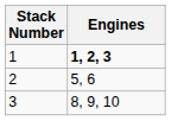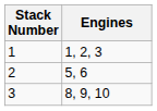 <table class="wikitable">
 <tr>
 <th scope="col" style="width: 40px;">Stack Number</th>
 <th scope="col" style="width: 100px;">Engines</th>
 </tr>
 <tr>
 <td>1</td>
-<td><strong>1, 2, 3</strong></td>
+<td>1, 2, 3</td>
 </tr>
 <tr>
 <td>2</td>
 <td>5, 6</td>
 </tr>
 <tr>
 <td>3</td>
 <td>8, 9, 10</td>
 </tr>
 </table>
